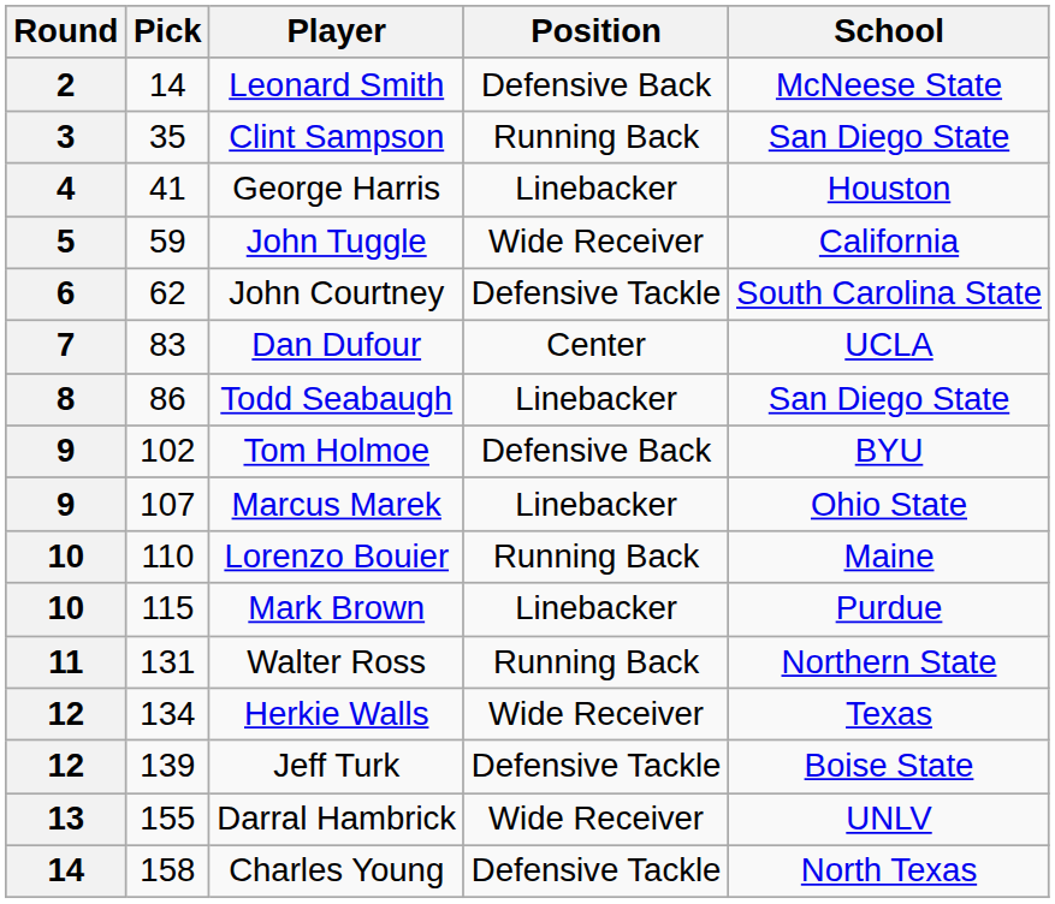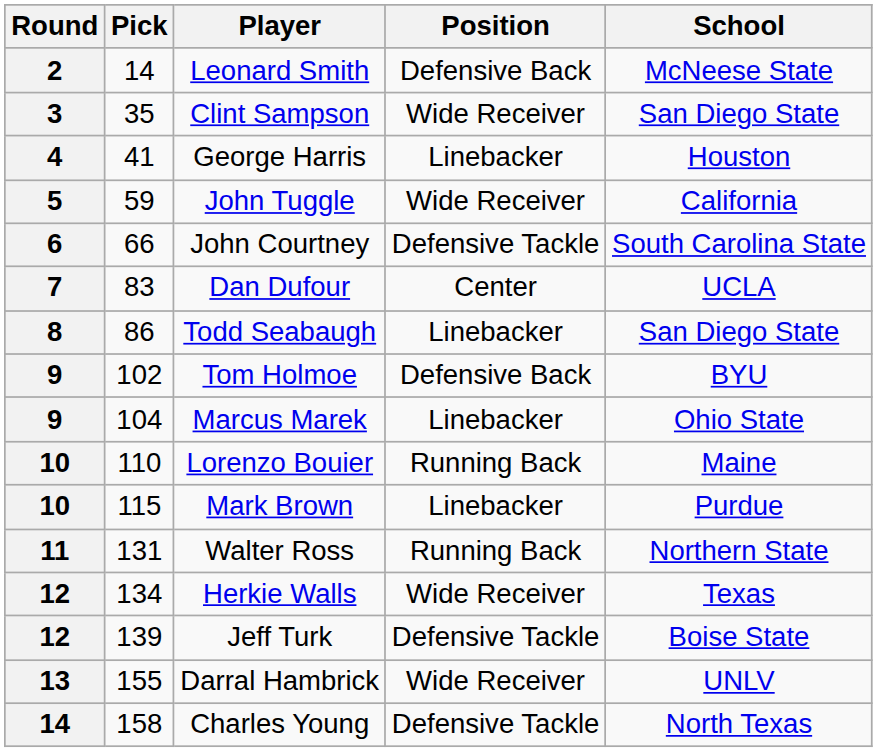 <table class="wikitable sortable sortable">
 <tr>
 <th>Round</th>
 <th>Pick</th>
 <th>Player</th>
 <th>Position</th>
 <th>School</th>
 </tr>
 <tr>
 <th>2</th>
 <td align=center>14</td>
 <td align=center><a href='#'>Leonard Smith</a></td>
 <td align=center>Defensive Back</td>
 <td align=center><a href='#'>McNeese State</a></td>
 </tr>
 <tr>
 <th>3</th>
 <td align=center>35</td>
 <td align=center><a href='#'>Clint Sampson</a></td>
-<td align=center>Running Back</td>
+<td align=center>Wide Receiver</td>
 <td align=center><a href='#'>San Diego State</a></td>
 </tr>
 <tr>
 <th>4</th>
 <td align=center>41</td>
 <td align=center>George Harris</td>
 <td align=center>Linebacker</td>
 <td align=center><a href='#'>Houston</a></td>
 </tr>
 <tr>
 <th>5</th>
 <td align=center>59</td>
 <td align=center><a href='#'>John Tuggle</a></td>
 <td align=center>Wide Receiver</td>
 <td align=center><a href='#'>California</a></td>
 </tr>
 <tr>
 <th>6</th>
-<td align=center>62</td>
+<td align=center>66</td>
 <td align=center>John Courtney</td>
 <td align=center>Defensive Tackle</td>
 <td align=center><a href='#'>South Carolina State</a></td>
 </tr>
 <tr>
 <th>7</th>
 <td align=center>83</td>
 <td align=center><a href='#'>Dan Dufour</a></td>
 <td align=center>Center</td>
 <td align=center><a href='#'>UCLA</a></td>
 </tr>
 <tr>
 <th>8</th>
 <td align=center>86</td>
 <td align=center><a href='#'>Todd Seabaugh</a></td>
 <td align=center>Linebacker</td>
 <td align=center><a href='#'>San Diego State</a></td>
 </tr>
 <tr>
 <th>9</th>
 <td align=center>102</td>
 <td align=center><a href='#'>Tom Holmoe</a></td>
 <td align=center>Defensive Back</td>
 <td align=center><a href='#'>BYU</a></td>
 </tr>
 <tr>
 <th>9</th>
-<td align=center>107</td>
+<td align=center>104</td>
 <td align=center><a href='#'>Marcus Marek</a></td>
 <td align=center>Linebacker</td>
 <td align=center><a href='#'>Ohio State</a></td>
 </tr>
 <tr>
 <th>10</th>
 <td align=center>110</td>
 <td align=center><a href='#'>Lorenzo Bouier</a></td>
 <td align=center>Running Back</td>
 <td align=center><a href='#'>Maine</a></td>
 </tr>
 <tr>
 <th>10</th>
 <td align=center>115</td>
 <td align=center><a href='#'>Mark Brown</a></td>
 <td align=center>Linebacker</td>
 <td align=center><a href='#'>Purdue</a></td>
 </tr>
 <tr>
 <th>11</th>
 <td align=center>131</td>
 <td align=center>Walter Ross</td>
 <td align=center>Running Back</td>
 <td align=center><a href='#'>Northern State</a></td>
 </tr>
 <tr>
 <th>12</th>
 <td align=center>134</td>
 <td align=center><a href='#'>Herkie Walls</a></td>
 <td align=center>Wide Receiver</td>
 <td align=center><a href='#'>Texas</a></td>
 </tr>
 <tr>
 <th>12</th>
 <td align=center>139</td>
 <td align=center>Jeff Turk</td>
 <td align=center>Defensive Tackle</td>
 <td align=center><a href='#'>Boise State</a></td>
 </tr>
 <tr>
 <th>13</th>
 <td align=center>155</td>
 <td align=center>Darral Hambrick</td>
 <td align=center>Wide Receiver</td>
 <td align=center><a href='#'>UNLV</a></td>
 </tr>
 <tr>
 <th>14</th>
 <td align=center>158</td>
 <td align=center>Charles Young</td>
 <td align=center>Defensive Tackle</td>
 <td align=center><a href='#'>North Texas</a></td>
 </tr>
 </table>
